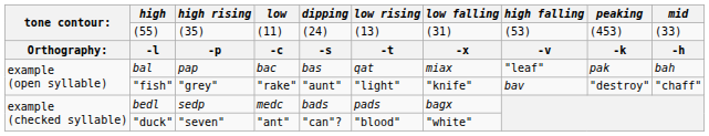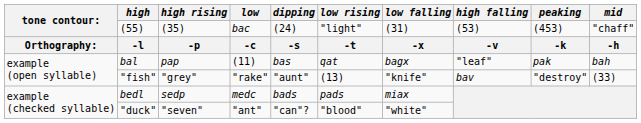 <table class="wikitable">
 <tr>
 <th rowspan=2>tone contour:</th>
 <th><em>high</em></th>
 <th><em>high rising</em></th>
 <th><em>low</em></th>
 <th><em>dipping</em></th>
 <th><em>low rising</em></th>
 <th><em>low falling</em></th>
 <th><em>high falling</em></th>
 <th><em>peaking</em></th>
 <th><em>mid</em></th>
 </tr>
 <tr>
 <td> (55)</td>
 <td> (35)</td>
-<td> (11)</td>
+<td><em>bac</em></td>
 <td> (24)</td>
-<td> (13)</td>
+<td>"light"</td>
 <td> (31)</td>
 <td> (53)</td>
 <td> (453)</td>
-<td> (33)</td>
+<td>"chaff"</td>
 </tr>
 <tr>
 <th>Orthography:</th>
 <th>-l</th>
 <th>-p</th>
 <th>-c</th>
 <th>-s</th>
 <th>-t</th>
 <th>-x</th>
 <th>-v</th>
 <th>-k</th>
 <th>-h</th>
 </tr>
 <tr>
 <td rowspan=2>example<br>(open syllable)</td>
 <td><em>bal</em></td>
 <td><em>pap</em></td>
-<td><em>bac</em></td>
+<td> (11)</td>
 <td><em>bas</em></td>
 <td><em>qat</em></td>
-<td><em>miax</em></td>
+<td><em>bagx</em></td>
 <td>"leaf"</td>
 <td><em>pak</em></td>
 <td><em>bah</em></td>
 </tr>
 <tr>
 <td>"fish"</td>
 <td>"grey"</td>
 <td>"rake"</td>
 <td>"aunt"</td>
-<td>"light"</td>
+<td> (13)</td>
 <td>"knife"</td>
 <td><em>bav</em></td>
 <td>"destroy"</td>
-<td>"chaff"</td>
+<td> (33)</td>
 </tr>
 <tr>
 <td rowspan=2>example<br>(checked syllable)</td>
 <td><em>bedl</em></td>
 <td><em>sedp</em></td>
 <td><em>medc</em></td>
 <td><em>bads</em></td>
 <td><em>pads</em></td>
-<td><em>bagx</em></td>
+<td><em>miax</em></td>
 <th colspan=3 rowspan=2></th>
 </tr>
 <tr>
 <td>"duck"</td>
 <td>"seven"</td>
 <td>"ant"</td>
 <td>"can"?</td>
 <td>"blood"</td>
 <td>"white"</td>
 </tr>
 </table>
